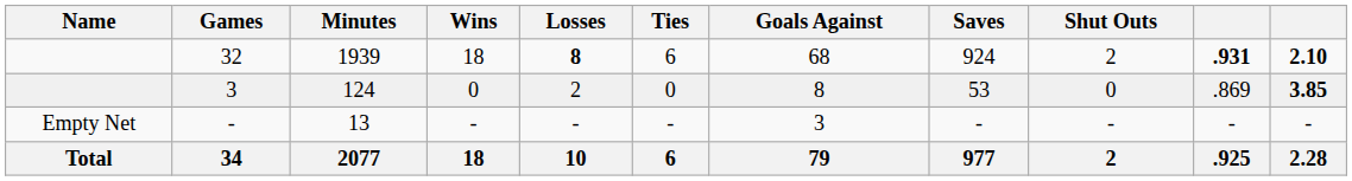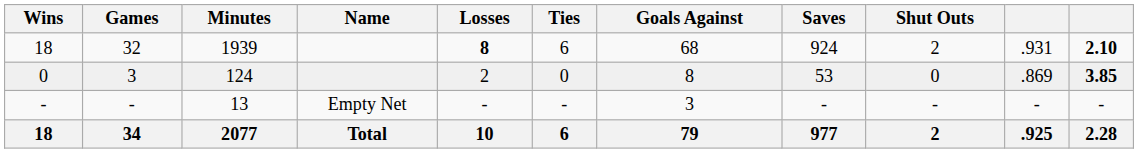 <table class="wikitable sortable" width ="1000">
 <tr align="center">
-<th><strong>Name</strong></th>
+<th><strong>Wins</strong></th>
 <th><strong>Games</strong></th>
 <th><strong>Minutes</strong></th>
-<th><strong>Wins</strong></th>
+<th><strong>Name</strong></th>
 <th><strong>Losses</strong></th>
 <th><strong>Ties</strong></th>
 <th><strong>Goals Against</strong></th>
 <th><strong>Saves</strong></th>
 <th><strong>Shut Outs</strong></th>
 <th><strong><a href='#'></a></strong></th>
 <th><strong><a href='#'></a></strong></th>
 </tr>
 <tr align="center" bgcolor="">
-<td></td>
+<td>18</td>
 <td>32</td>
 <td>1939</td>
-<td>18</td>
+<td></td>
 <td><strong>8</strong></td>
 <td>6</td>
 <td>68</td>
 <td>924</td>
 <td>2</td>
-<td><strong>.931</strong></td>
+<td>.931</td>
 <td><strong>2.10</strong></td>
 </tr>
 <tr align="center" bgcolor="f0f0f0">
-<td></td>
+<td>0</td>
 <td>3</td>
 <td>124</td>
-<td>0</td>
+<td></td>
 <td>2</td>
 <td>0</td>
 <td>8</td>
 <td>53</td>
 <td>0</td>
 <td>.869</td>
 <td><strong>3.85</strong></td>
 </tr>
 <tr align="center" bgcolor="">
-<td>Empty Net</td>
+<td>-</td>
 <td>-</td>
 <td>13</td>
-<td>-</td>
+<td>Empty Net</td>
 <td>-</td>
 <td>-</td>
 <td>3</td>
 <td>-</td>
 <td>-</td>
 <td>-</td>
 <td>-</td>
 </tr>
 <tr>
-<th>Total</th>
+<th>18</th>
 <th>34</th>
 <th>2077</th>
-<th>18</th>
+<th>Total</th>
 <th>10</th>
 <th>6</th>
 <th>79</th>
 <th>977</th>
 <th>2</th>
 <th>.925</th>
 <th><strong>2.28</strong></th>
 </tr>
 </table>
